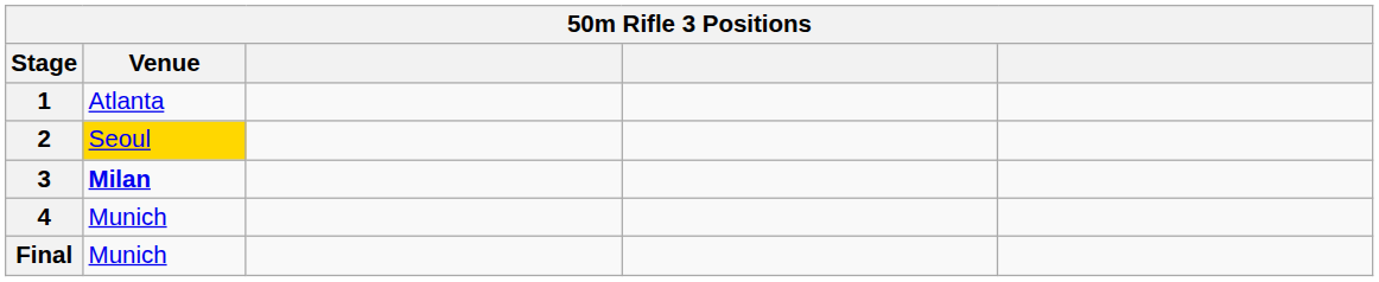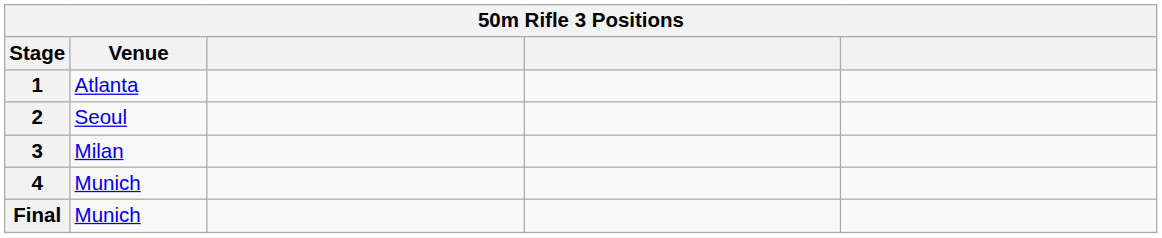 <table class="wikitable">
 <tr>
 <th colspan="5">50m Rifle 3 Positions</th>
 </tr>
 <tr>
 <th>Stage</th>
 <th width=100>Venue</th>
 <th width=240></th>
 <th width=240></th>
 <th width=240></th>
 </tr>
 <tr>
 <th>1</th>
 <td> <a href='#'>Atlanta</a></td>
 <td></td>
 <td></td>
 <td></td>
 </tr>
 <tr>
 <th>2</th>
-<td style="background: gold;"> <a href='#'>Seoul</a></td>
+<td> <a href='#'>Seoul</a></td>
 <td></td>
 <td></td>
 <td></td>
 </tr>
 <tr>
 <th>3</th>
-<td><strong> <a href='#'>Milan</a></strong></td>
+<td> <a href='#'>Milan</a></td>
 <td></td>
 <td></td>
 <td></td>
 </tr>
 <tr>
 <th>4</th>
 <td> <a href='#'>Munich</a></td>
 <td></td>
 <td></td>
 <td></td>
 </tr>
 <tr>
 <th>Final</th>
 <td> <a href='#'>Munich</a></td>
 <td></td>
 <td></td>
 <td></td>
 </tr>
 </table>
